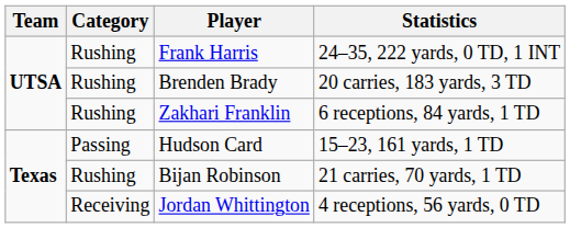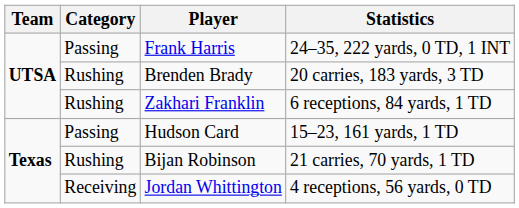 <table class="wikitable" style="float: right;">
 <tr>
 <th>Team</th>
 <th>Category</th>
 <th>Player</th>
 <th>Statistics</th>
 </tr>
 <tr>
 <td rowspan=3><strong>UTSA</strong></td>
-<td>Rushing</td>
+<td>Passing</td>
 <td><a href='#'>Frank Harris</a></td>
 <td>24–35, 222 yards, 0 TD, 1 INT</td>
 </tr>
 <tr>
 <td>Rushing</td>
 <td>Brenden Brady</td>
 <td>20 carries, 183 yards, 3 TD</td>
 </tr>
 <tr>
 <td>Rushing</td>
 <td><a href='#'>Zakhari Franklin</a></td>
 <td>6 receptions, 84 yards, 1 TD</td>
 </tr>
 <tr>
 <td rowspan=3><strong>Texas</strong></td>
 <td>Passing</td>
 <td>Hudson Card</td>
 <td>15–23, 161 yards, 1 TD</td>
 </tr>
 <tr>
 <td>Rushing</td>
 <td>Bijan Robinson</td>
 <td>21 carries, 70 yards, 1 TD</td>
 </tr>
 <tr>
 <td>Receiving</td>
 <td><a href='#'>Jordan Whittington</a></td>
 <td>4 receptions, 56 yards, 0 TD</td>
 </tr>
 </table>
